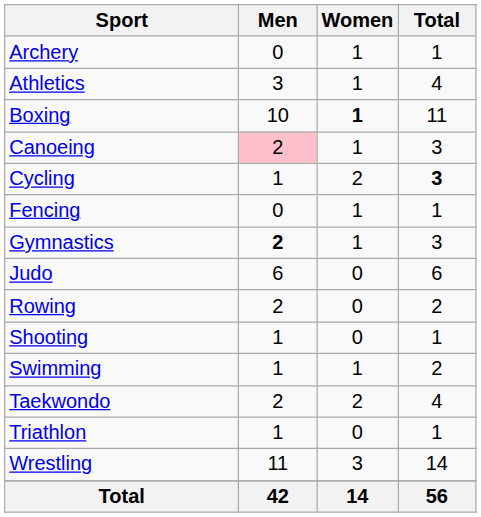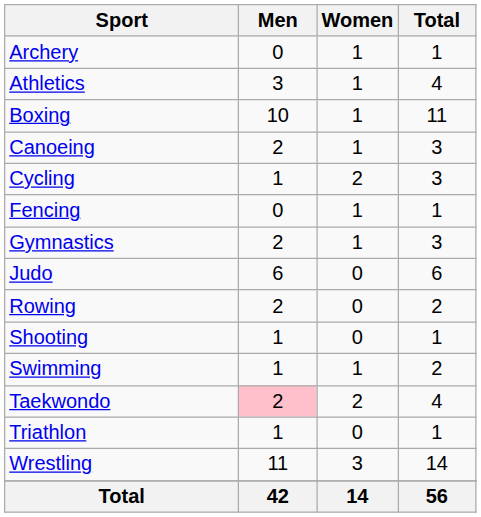 <table class="wikitable sortable" style="text-align:center;">
 <tr>
 <th width=180>Sport</th>
 <th width=55>Men</th>
 <th width=55>Women</th>
 <th width=55>Total</th>
 </tr>
 <tr>
 <td align=left><a href='#'>Archery</a></td>
 <td>0</td>
 <td>1</td>
 <td>1</td>
 </tr>
 <tr>
 <td align=left><a href='#'>Athletics</a></td>
 <td>3</td>
 <td>1</td>
 <td>4</td>
 </tr>
 <tr>
 <td align=left><a href='#'>Boxing</a></td>
 <td>10</td>
-<td><strong>1</strong></td>
+<td>1</td>
 <td>11</td>
 </tr>
 <tr>
 <td align=left><a href='#'>Canoeing</a></td>
-<td style="background: pink;">2</td>
+<td>2</td>
 <td>1</td>
 <td>3</td>
 </tr>
 <tr>
 <td align=left><a href='#'>Cycling</a></td>
 <td>1</td>
 <td>2</td>
-<td><strong>3</strong></td>
+<td>3</td>
 </tr>
 <tr>
 <td align=left><a href='#'>Fencing</a></td>
 <td>0</td>
 <td>1</td>
 <td>1</td>
 </tr>
 <tr>
 <td align=left><a href='#'>Gymnastics</a></td>
-<td><strong>2</strong></td>
+<td>2</td>
 <td>1</td>
 <td>3</td>
 </tr>
 <tr>
 <td align=left><a href='#'>Judo</a></td>
 <td>6</td>
 <td>0</td>
 <td>6</td>
 </tr>
 <tr>
 <td align=left><a href='#'>Rowing</a></td>
 <td>2</td>
 <td>0</td>
 <td>2</td>
 </tr>
 <tr>
 <td align=left><a href='#'>Shooting</a></td>
 <td>1</td>
 <td>0</td>
 <td>1</td>
 </tr>
 <tr>
 <td align=left><a href='#'>Swimming</a></td>
 <td>1</td>
 <td>1</td>
 <td>2</td>
 </tr>
 <tr>
 <td align=left><a href='#'>Taekwondo</a></td>
-<td>2</td>
+<td style="background: pink;">2</td>
 <td>2</td>
 <td>4</td>
 </tr>
 <tr>
 <td align=left><a href='#'>Triathlon</a></td>
 <td>1</td>
 <td>0</td>
 <td>1</td>
 </tr>
 <tr>
 <td align=left><a href='#'>Wrestling</a></td>
 <td>11</td>
 <td>3</td>
 <td>14</td>
 </tr>
 <tr>
 </tr>
 <tr class="sortbottom">
 <th>Total</th>
 <th>42</th>
 <th>14</th>
 <th>56</th>
 </tr>
 </table>
